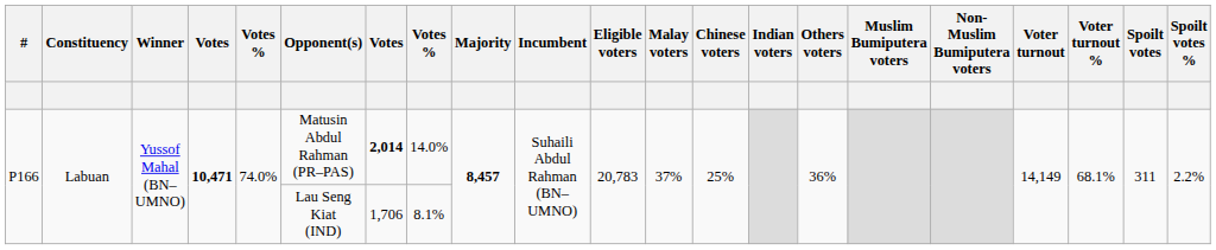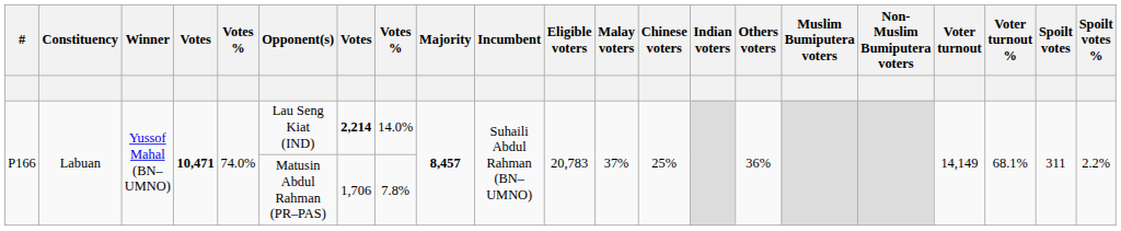 <table class="wikitable sortable" style="text-align:center; font-size:90%">
 <tr>
 <th width="30">#</th>
 <th width="60">Constituency</th>
 <th width="150">Winner</th>
 <th width="50">Votes</th>
 <th width="50">Votes %</th>
 <th width="150">Opponent(s)</th>
 <th width="50">Votes</th>
 <th width="50">Votes %</th>
 <th width="50">Majority</th>
 <th width="150">Incumbent</th>
 <th width="50">Eligible voters</th>
 <th width="50">Malay voters</th>
 <th width="50">Chinese voters</th>
 <th width="50">Indian voters</th>
 <th width="50">Others voters</th>
 <th width="50">Muslim Bumiputera voters</th>
 <th width="50">Non-Muslim Bumiputera voters</th>
 <th width="50">Voter turnout</th>
 <th width="50">Voter turnout %</th>
 <th width="50">Spoilt votes</th>
 <th width="50">Spoilt votes %</th>
 </tr>
 <tr>
 <th height="20"></th>
 <th></th>
 <th></th>
 <th></th>
 <th></th>
 <th></th>
 <th></th>
 <th></th>
 <th></th>
 <th></th>
 <th></th>
 <th></th>
 <th></th>
 <th></th>
 <th></th>
 <th></th>
 <th></th>
 <th></th>
 <th></th>
 <th></th>
 <th></th>
 </tr>
 <tr>
 <td rowspan="2">P166</td>
 <td rowspan="2">Labuan</td>
 <td rowspan="2"><a href='#'>Yussof Mahal</a><br>(BN–UMNO)</td>
 <td rowspan="2"><strong>10,471</strong></td>
 <td rowspan="2">74.0%</td>
-<td>Matusin Abdul Rahman<br>(PR–PAS)</td>
-<td><strong>2,014</strong></td>
+<td>Lau Seng Kiat<br>(IND)</td>
+<td><strong>2,214</strong></td>
 <td>14.0%</td>
 <td rowspan="2"><strong>8,457</strong></td>
 <td rowspan="2">Suhaili Abdul Rahman<br>(BN–UMNO)</td>
 <td rowspan="2">20,783</td>
 <td rowspan="2">37%</td>
 <td rowspan="2">25%</td>
 <td rowspan="2" bgcolor="dcdcdc"></td>
 <td rowspan="2">36%</td>
 <td rowspan="2" bgcolor="dcdcdc"></td>
 <td rowspan="2" bgcolor="dcdcdc"></td>
 <td rowspan="2">14,149</td>
 <td rowspan="2">68.1%</td>
 <td rowspan="2">311</td>
 <td rowspan="2">2.2%</td>
 </tr>
 <tr>
-<td>Lau Seng Kiat<br>(IND)</td>
+<td>Matusin Abdul Rahman<br>(PR–PAS)</td>
 <td>1,706</td>
-<td>8.1%</td>
+<td>7.8%</td>
 </tr>
 </table>
